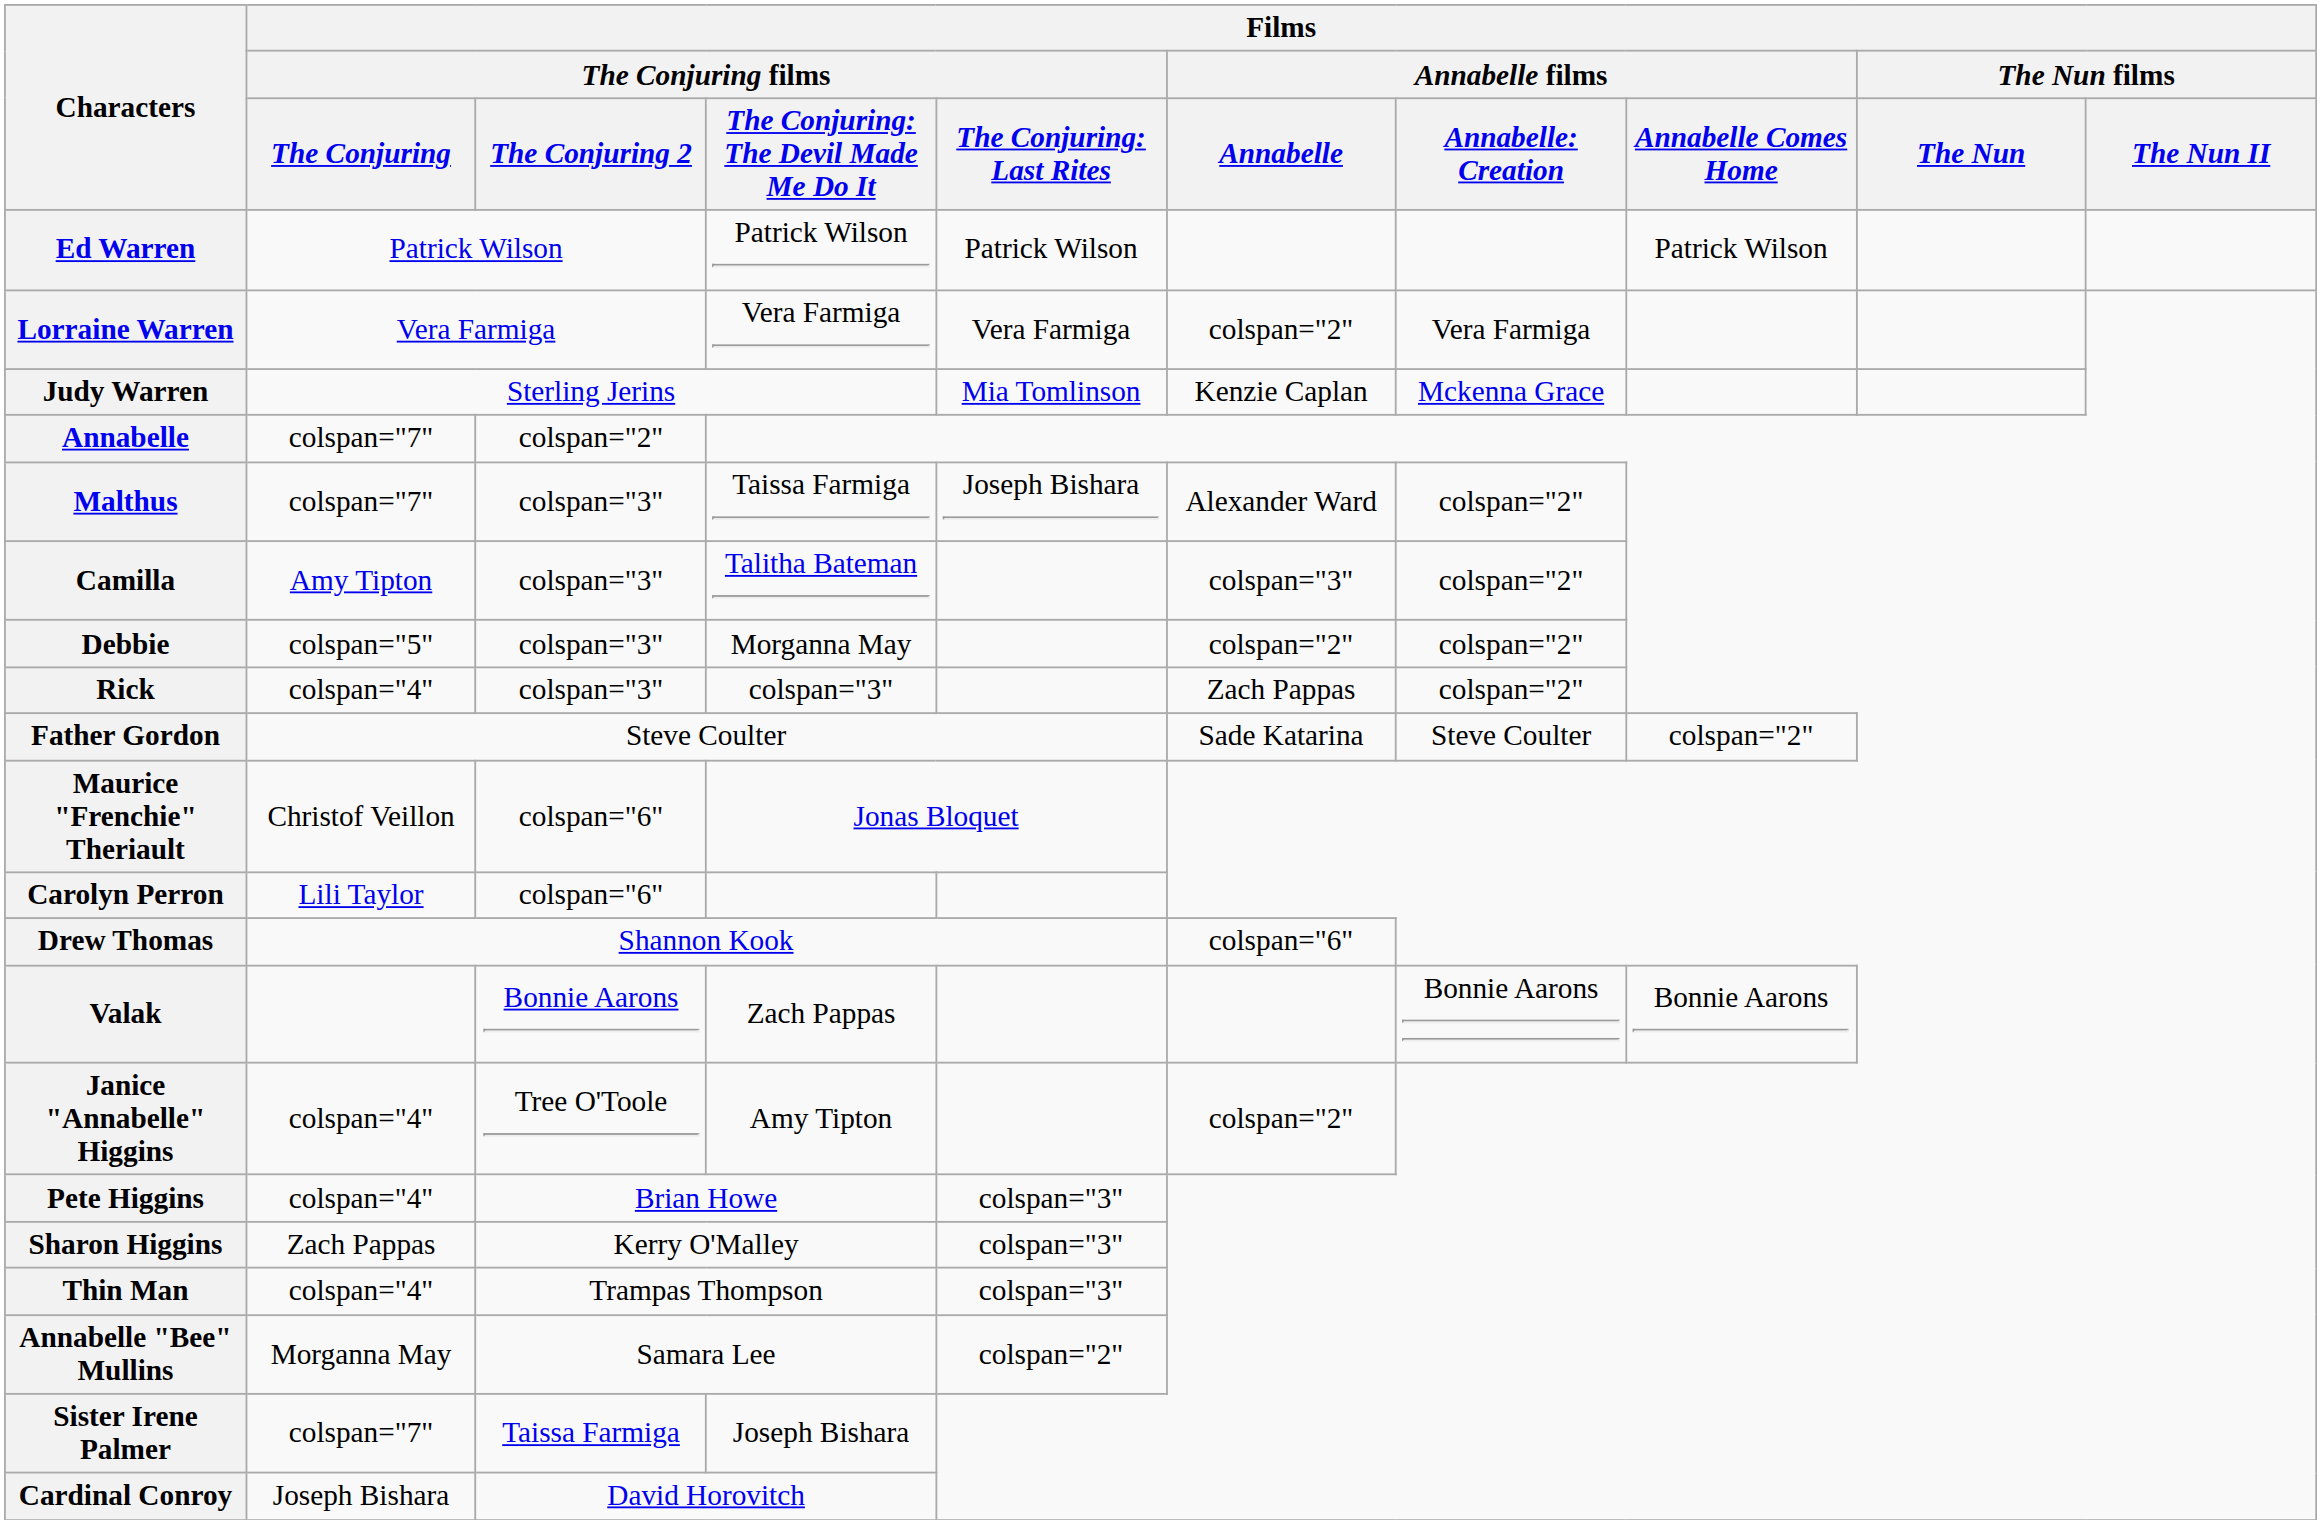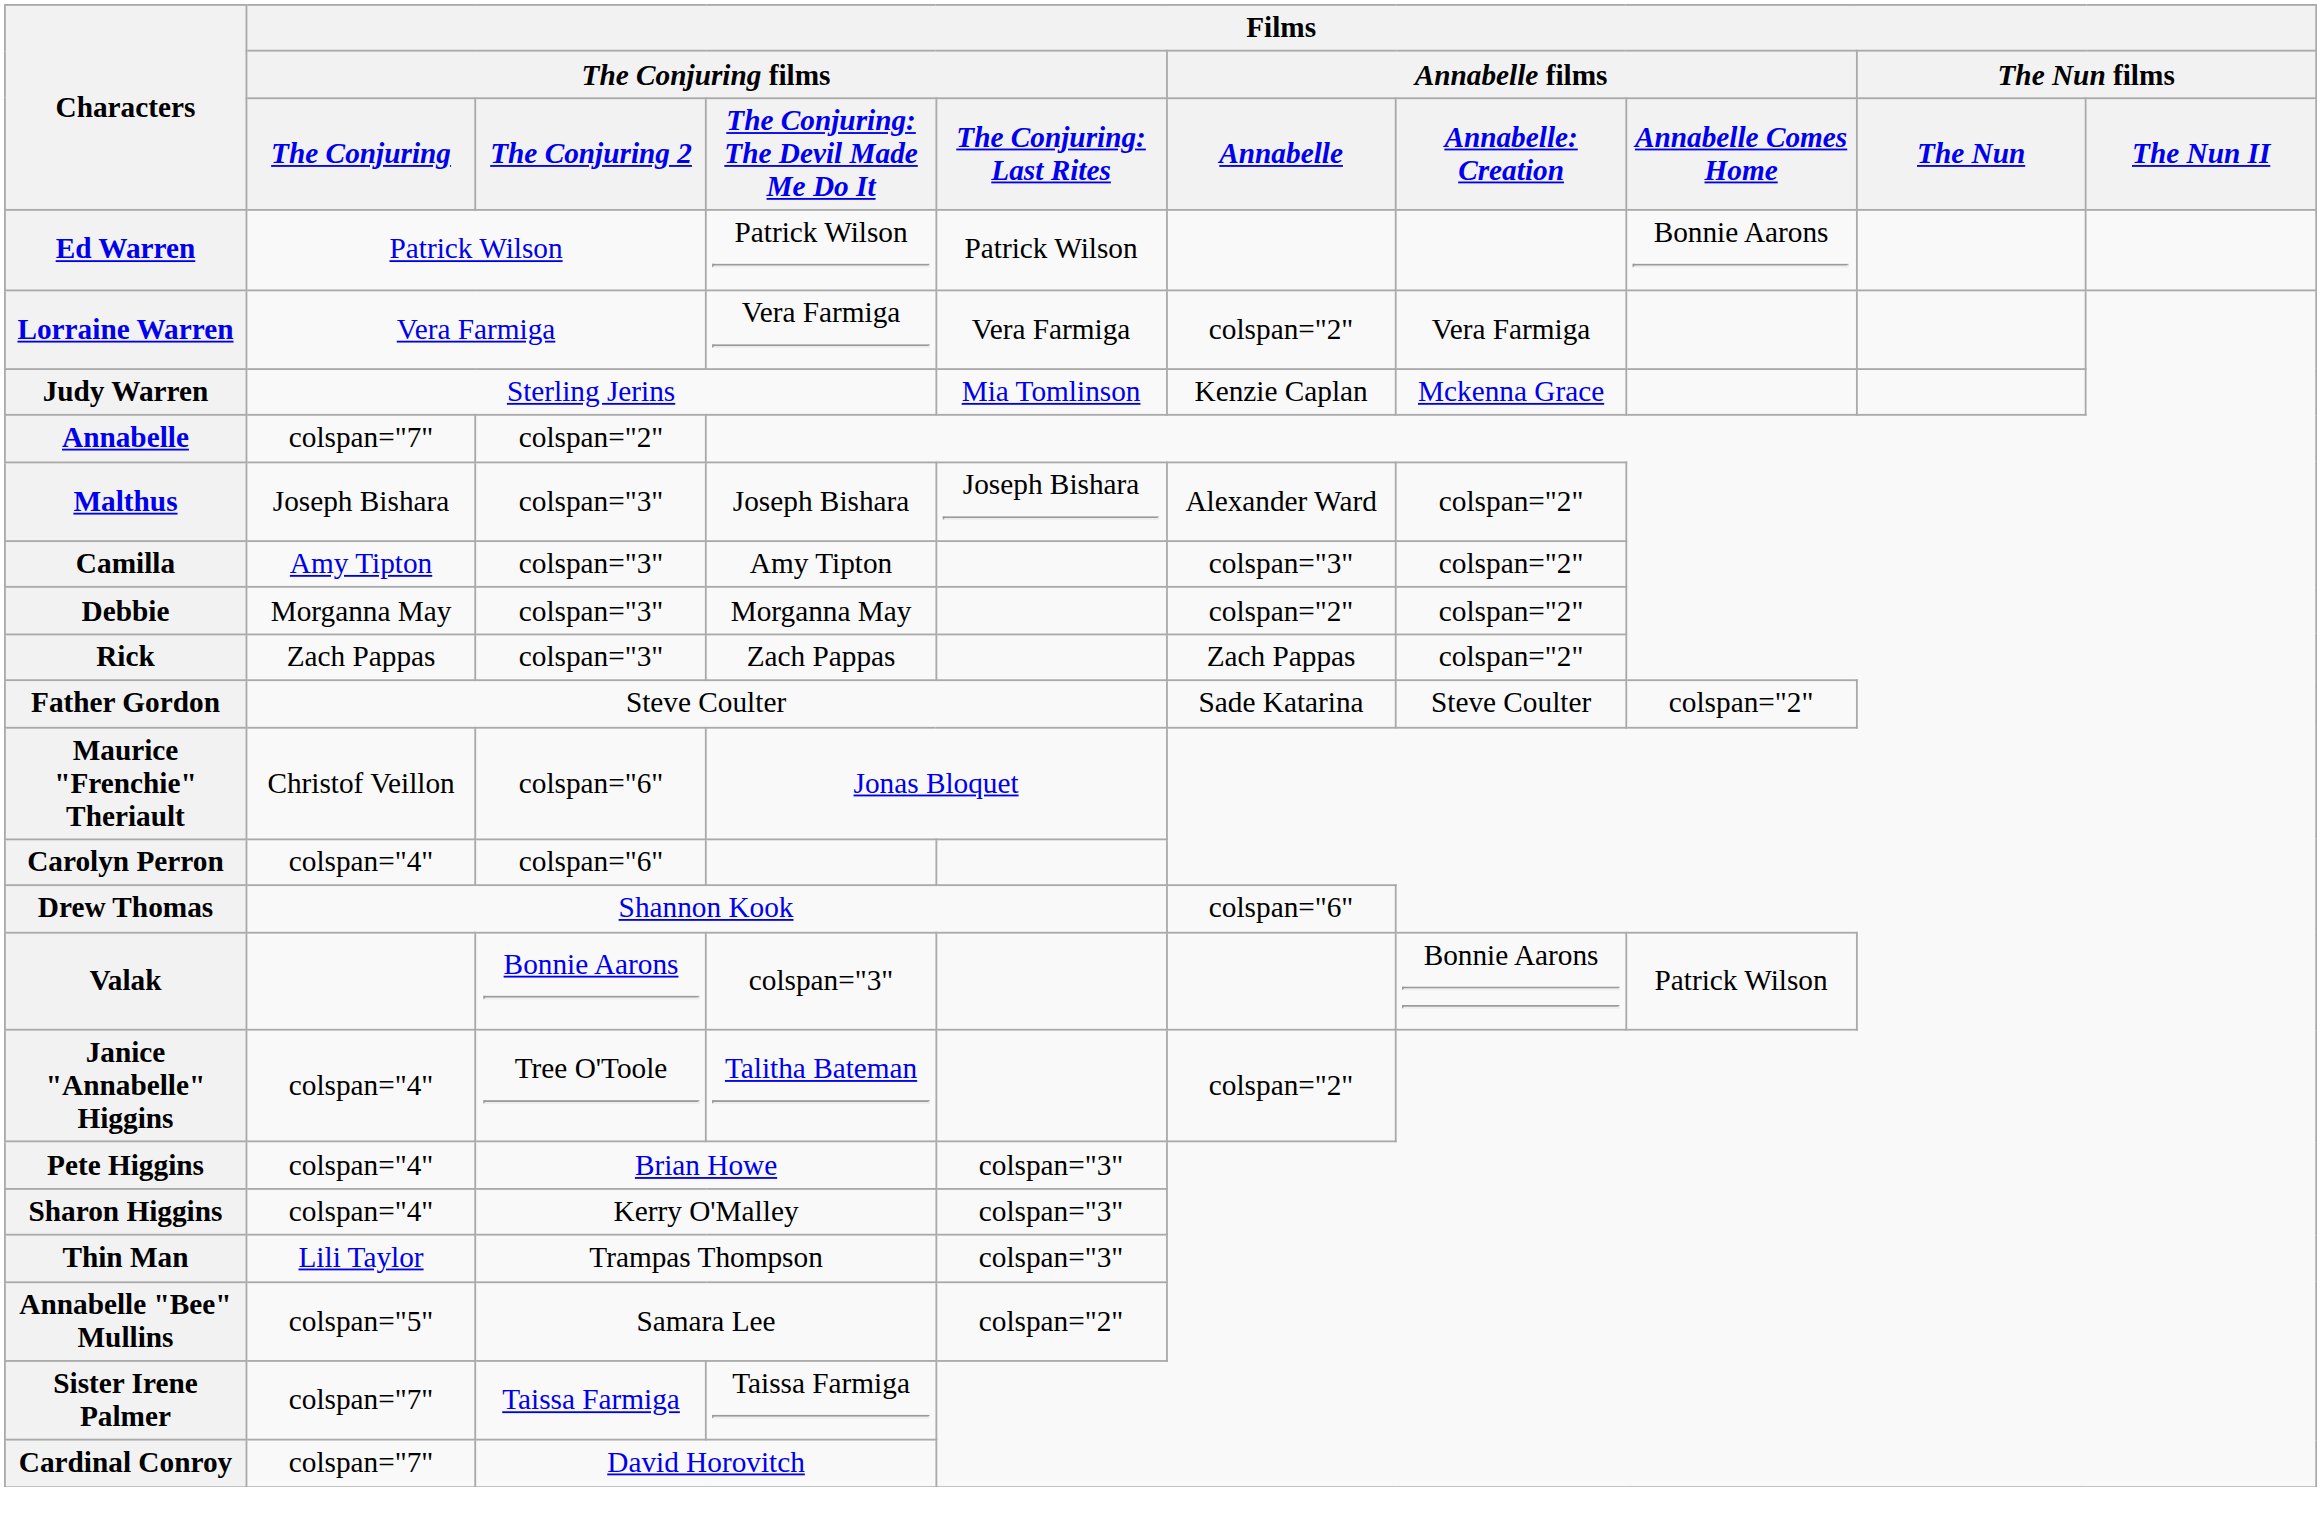 <table class="wikitable" style="text-align:center; width:100%;">
 <tr>
 <th scope="col" rowspan="3" style="text-align:center;" width="7%">Characters</th>
 <th scope="col" colspan="9" style="text-align:center:">Films</th>
 </tr>
 <tr>
 <th scope="col" colspan="4" style="text-align:center:"><em>The Conjuring</em> films</th>
 <th scope="col" colspan="3" style="text-align:center:"><em>Annabelle</em> films</th>
 <th scope="col" colspan="2" style="text-align:center:"><em>The Nun</em> films</th>
 </tr>
 <tr>
 <th scope="col" width="7%"><em><a href='#'>The Conjuring</a></em></th>
 <th scope="col" width="7%"><em><a href='#'>The Conjuring 2</a></em></th>
 <th scope="col" width="7%"><em><a href='#'>The Conjuring: The Devil Made Me Do It</a></em></th>
 <th scope="col" width="7%"><em><a href='#'>The Conjuring: Last Rites</a></em></th>
 <th scope="col" width="7%"><em><a href='#'>Annabelle</a></em></th>
 <th scope="col" width="7%"><em><a href='#'>Annabelle: Creation</a></em></th>
 <th scope="col" width="7%"><em><a href='#'>Annabelle Comes Home</a></em></th>
 <th scope="col" width="7%"><em><a href='#'>The Nun</a></em></th>
 <th scope="col" width="7%"><em><a href='#'>The Nun II</a></em></th>
 </tr>
 <tr>
 <th scope="row"><a href='#'>Ed Warren</a></th>
 <td colspan="2"><a href='#'>Patrick Wilson</a></td>
 <td>Patrick Wilson<hr></td>
 <td>Patrick Wilson</td>
 <td></td>
 <td></td>
-<td>Patrick Wilson</td>
+<td>Bonnie Aarons<hr></td>
 <td></td>
 <td></td>
 </tr>
 <tr>
 <th scope="row"><a href='#'>Lorraine Warren</a></th>
 <td colspan="2"><a href='#'>Vera Farmiga</a></td>
 <td>Vera Farmiga<hr></td>
 <td>Vera Farmiga</td>
 <td>colspan="2" </td>
 <td>Vera Farmiga</td>
 <td></td>
 <td></td>
 </tr>
 <tr>
 <th scope="row">Judy Warren</th>
 <td colspan="3"><a href='#'>Sterling Jerins</a></td>
 <td><a href='#'>Mia Tomlinson</a></td>
 <td>Kenzie Caplan</td>
 <td><a href='#'>Mckenna Grace</a></td>
 <td></td>
 <td></td>
 </tr>
 <tr>
 <th scope="row"><a href='#'>Annabelle</a></th>
 <td>colspan="7" </td>
 <td>colspan="2" </td>
 </tr>
 <tr>
 <th scope="row"><a href='#'>Malthus<br></a></th>
-<td>colspan="7" </td>
+<td>Joseph Bishara</td>
 <td>colspan="3" </td>
-<td>Taissa Farmiga<hr></td>
+<td>Joseph Bishara</td>
 <td>Joseph Bishara<hr></td>
 <td>Alexander Ward</td>
 <td>colspan="2" </td>
 </tr>
 <tr>
 <th scope="row">Camilla</th>
 <td><a href='#'>Amy Tipton</a></td>
 <td>colspan="3" </td>
-<td><a href='#'>Talitha Bateman</a><hr></td>
+<td>Amy Tipton</td>
 <td></td>
 <td>colspan="3" </td>
 <td>colspan="2" </td>
 </tr>
 <tr>
 <th scope="row">Debbie</th>
-<td>colspan="5" </td>
+<td>Morganna May</td>
 <td>colspan="3" </td>
 <td>Morganna May</td>
 <td></td>
 <td>colspan="2" </td>
 <td>colspan="2" </td>
 </tr>
 <tr>
 <th scope="row">Rick</th>
-<td>colspan="4" </td>
+<td>Zach Pappas</td>
 <td>colspan="3" </td>
-<td>colspan="3" </td>
+<td>Zach Pappas</td>
 <td></td>
 <td>Zach Pappas</td>
 <td>colspan="2" </td>
 </tr>
 <tr>
 <th scope="row">Father Gordon</th>
 <td colspan="4">Steve Coulter</td>
 <td>Sade Katarina</td>
 <td>Steve Coulter</td>
 <td>colspan="2" </td>
 </tr>
 <tr>
 <th scope="row">Maurice "Frenchie" Theriault</th>
 <td>Christof Veillon</td>
 <td>colspan="6" </td>
 <td colspan="2"><a href='#'>Jonas Bloquet</a></td>
 </tr>
 <tr>
 <th scope="row">Carolyn Perron</th>
-<td><a href='#'>Lili Taylor</a></td>
+<td>colspan="4" </td>
 <td>colspan="6" </td>
 <td></td>
 <td></td>
 </tr>
 <tr>
 <th scope="row">Drew Thomas</th>
 <td colspan="4"><a href='#'>Shannon Kook</a></td>
 <td>colspan="6" </td>
 </tr>
 <tr>
 <th scope="row">Valak<br></th>
 <td></td>
 <td><a href='#'>Bonnie Aarons</a><hr></td>
-<td>Zach Pappas</td>
+<td>colspan="3" </td>
 <td></td>
 <td></td>
 <td>Bonnie Aarons<hr><hr></td>
-<td>Bonnie Aarons<hr></td>
+<td>Patrick Wilson</td>
 </tr>
 <tr>
 <th scope="row">Janice "Annabelle" Higgins</th>
 <td>colspan="4" </td>
 <td>Tree O'Toole<hr></td>
-<td>Amy Tipton</td>
+<td><a href='#'>Talitha Bateman</a><hr></td>
 <td></td>
 <td>colspan="2" </td>
 </tr>
 <tr>
 <th scope="row">Pete Higgins</th>
 <td>colspan="4" </td>
 <td colspan="2"><a href='#'>Brian Howe</a></td>
 <td>colspan="3" </td>
 </tr>
 <tr>
 <th scope="row">Sharon Higgins</th>
-<td>Zach Pappas</td>
+<td>colspan="4" </td>
 <td colspan="2">Kerry O'Malley</td>
 <td>colspan="3" </td>
 </tr>
 <tr>
 <th scope="row">Thin Man</th>
-<td>colspan="4" </td>
+<td><a href='#'>Lili Taylor</a></td>
 <td colspan="2">Trampas Thompson</td>
 <td>colspan="3" </td>
 </tr>
 <tr>
 <th scope="row">Annabelle "Bee" Mullins</th>
-<td>Morganna May</td>
+<td>colspan="5" </td>
 <td colspan="2">Samara Lee</td>
 <td>colspan="2" </td>
 </tr>
 <tr>
 <th scope="row">Sister Irene Palmer</th>
 <td>colspan="7" </td>
 <td><a href='#'>Taissa Farmiga</a></td>
-<td>Joseph Bishara</td>
+<td>Taissa Farmiga<hr></td>
 </tr>
 <tr>
 <th scope="row">Cardinal Conroy</th>
-<td>Joseph Bishara</td>
+<td>colspan="7" </td>
 <td colspan="2"><a href='#'>David Horovitch</a></td>
 </tr>
 </table>
